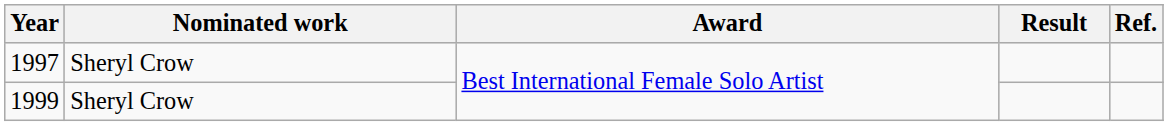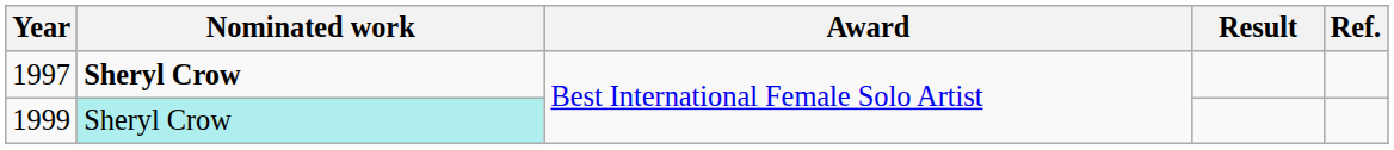 <table class="wikitable">
 <tr>
 <th>Year</th>
 <th width="250">Nominated work</th>
 <th width="350">Award</th>
 <th width="65">Result</th>
 <th>Ref.</th>
 </tr>
 <tr>
 <td align="center">1997</td>
-<td>Sheryl Crow</td>
+<td><strong>Sheryl Crow</strong></td>
 <td rowspan=2><a href='#'>Best International Female Solo Artist</a></td>
 <td></td>
 <td align="center"></td>
 </tr>
 <tr>
 <td align="center">1999</td>
-<td>Sheryl Crow</td>
+<td style="background: paleturquoise;">Sheryl Crow</td>
 <td></td>
 <td align="center"></td>
 </tr>
 </table>
